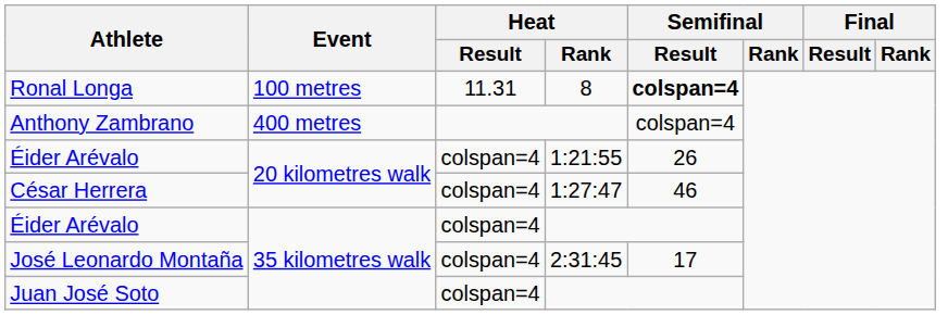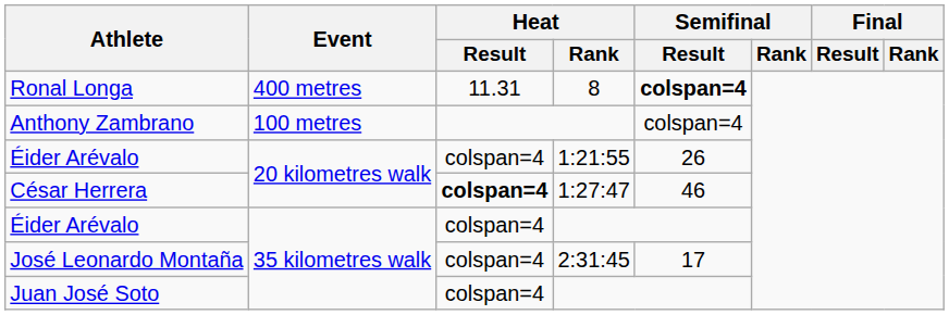 <table class="wikitable" style="font-size:90%">
 <tr>
 <th rowspan="2">Athlete</th>
 <th rowspan="2">Event</th>
 <th colspan="2">Heat</th>
 <th colspan="2">Semifinal</th>
 <th colspan="2">Final</th>
 </tr>
 <tr style="font-size:95%">
 <th>Result</th>
 <th>Rank</th>
 <th>Result</th>
 <th>Rank</th>
 <th>Result</th>
 <th>Rank</th>
 </tr>
 <tr align=center>
 <td align=left><a href='#'>Ronal Longa</a></td>
-<td align=left><a href='#'>100 metres</a></td>
+<td align=left><a href='#'>400 metres</a></td>
 <td>11.31</td>
 <td>8</td>
 <td><strong>colspan=4 </strong></td>
 </tr>
 <tr align=center>
 <td align=left><a href='#'>Anthony Zambrano</a></td>
-<td align=left><a href='#'>400 metres</a></td>
+<td align=left><a href='#'>100 metres</a></td>
 <td colspan=2><strong></strong></td>
 <td>colspan=4 </td>
 </tr>
 <tr align=center>
 <td align=left><a href='#'>Éider Arévalo</a></td>
 <td align=left rowspan=2><a href='#'>20 kilometres walk</a></td>
 <td>colspan=4</td>
 <td>1:21:55</td>
 <td>26</td>
 </tr>
 <tr align=center>
 <td align=left><a href='#'>César Herrera</a></td>
-<td>colspan=4</td>
+<td><strong>colspan=4</strong></td>
 <td>1:27:47</td>
 <td>46</td>
 </tr>
 <tr align=center>
 <td align=left><a href='#'>Éider Arévalo</a></td>
 <td align=left rowspan=3><a href='#'>35 kilometres walk</a></td>
 <td>colspan=4</td>
 <td colspan=2><strong></strong></td>
 </tr>
 <tr align=center>
 <td align=left><a href='#'>José Leonardo Montaña</a></td>
 <td>colspan=4</td>
 <td>2:31:45 <strong></strong></td>
 <td>17</td>
 </tr>
 <tr align=center>
 <td align=left><a href='#'>Juan José Soto</a></td>
 <td>colspan=4</td>
 <td colspan=2><strong></strong></td>
 </tr>
 </table>
